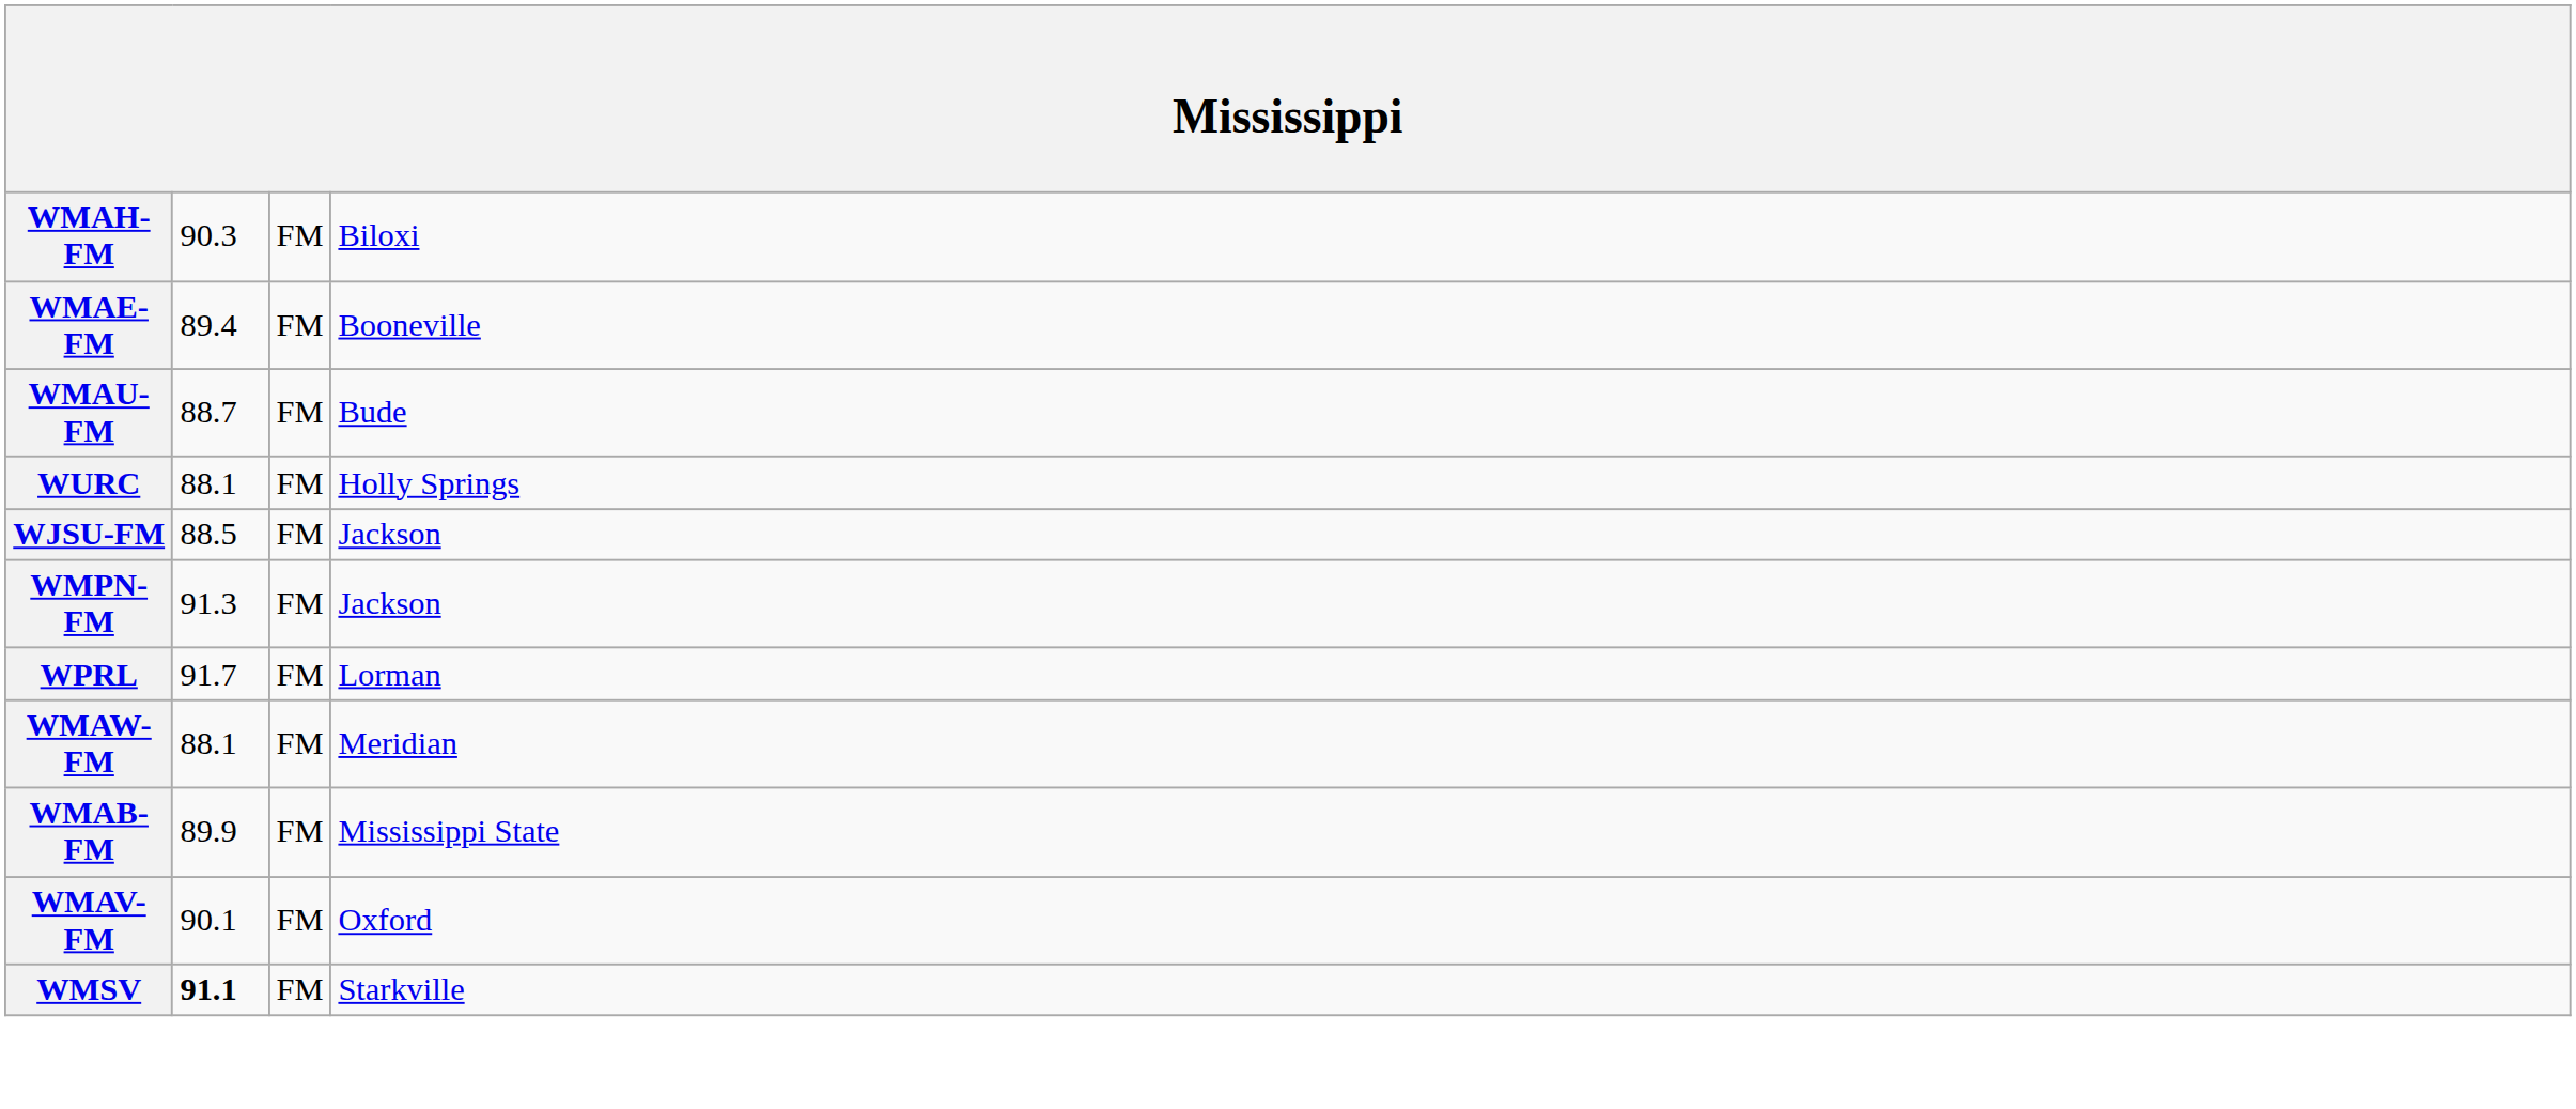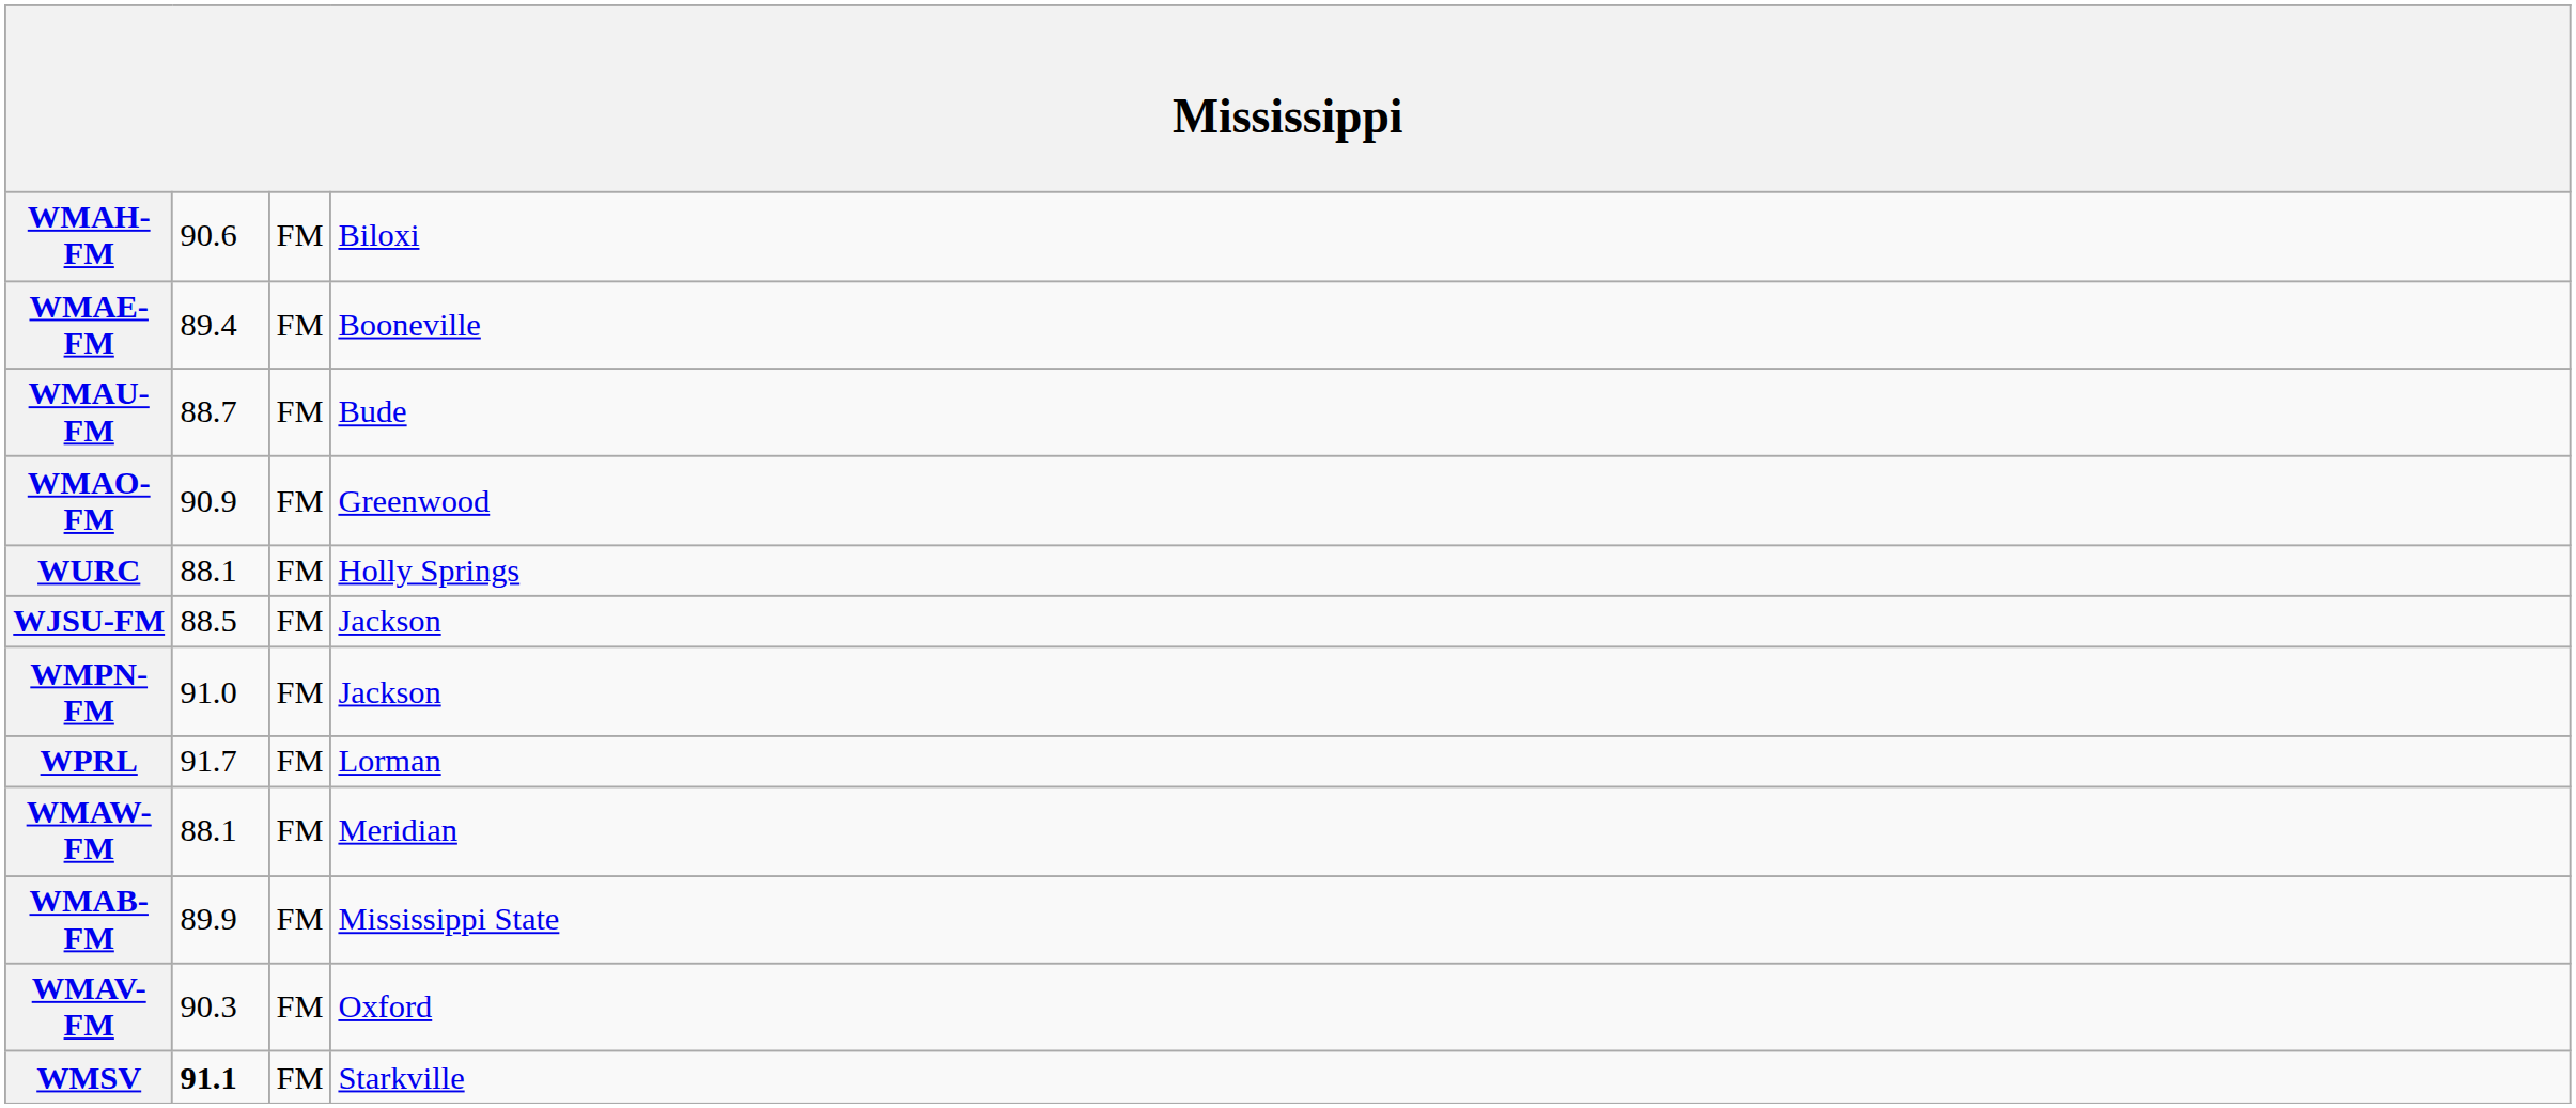 <table class="wikitable mw-collapsible" style="width:100%">
 <tr>
 <th scope="col" colspan="4"><br><h2>Mississippi</h2></th>
 </tr>
 <tr>
 <th scope="row" style="width: 75px;"><a href='#'>WMAH-FM</a></th>
-<td style="width: 40px;">90.3</td>
+<td style="width: 40px;">90.6</td>
 <td style="width: 21px;">FM</td>
 <td><a href='#'>Biloxi</a></td>
 </tr>
 <tr>
 <th scope="row"><a href='#'>WMAE-FM</a></th>
 <td>89.4</td>
 <td>FM</td>
 <td><a href='#'>Booneville</a></td>
 </tr>
 <tr>
 <th scope="row"><a href='#'>WMAU-FM</a></th>
 <td>88.7</td>
 <td>FM</td>
 <td><a href='#'>Bude</a></td>
 </tr>
 <tr>
+<th scope="row"><a href='#'>WMAO-FM</a></th>
+<td>90.9</td>
+<td>FM</td>
+<td><a href='#'>Greenwood</a></td>
+</tr>
+<tr>
 <th scope="row"><a href='#'>WURC</a></th>
 <td>88.1</td>
 <td>FM</td>
 <td><a href='#'>Holly Springs</a></td>
 </tr>
 <tr>
 <th scope="row"><a href='#'>WJSU-FM</a></th>
 <td>88.5</td>
 <td>FM</td>
 <td><a href='#'>Jackson</a></td>
 </tr>
 <tr>
 <th scope="row"><a href='#'>WMPN-FM</a></th>
-<td>91.3</td>
+<td>91.0</td>
 <td>FM</td>
 <td><a href='#'>Jackson</a></td>
 </tr>
 <tr>
 <th scope="row"><a href='#'>WPRL</a></th>
 <td>91.7</td>
 <td>FM</td>
 <td><a href='#'>Lorman</a></td>
 </tr>
 <tr>
 <th scope="row"><a href='#'>WMAW-FM</a></th>
 <td>88.1</td>
 <td>FM</td>
 <td><a href='#'>Meridian</a></td>
 </tr>
 <tr>
 <th scope="row"><a href='#'>WMAB-FM</a></th>
 <td>89.9</td>
 <td>FM</td>
 <td><a href='#'>Mississippi State</a></td>
 </tr>
 <tr>
 <th scope="row"><a href='#'>WMAV-FM</a></th>
-<td>90.1</td>
+<td>90.3</td>
 <td>FM</td>
 <td><a href='#'>Oxford</a></td>
 </tr>
 <tr>
 <th scope="row"><a href='#'>WMSV</a></th>
 <td><strong>91.1</strong></td>
 <td>FM</td>
 <td><a href='#'>Starkville</a></td>
 </tr>
 </table>
